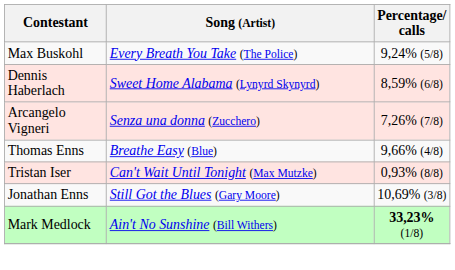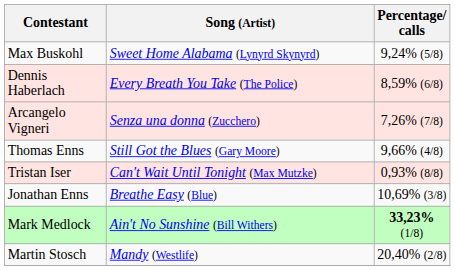 <table class="wikitable">
 <tr>
 <th width="110">Contestant</th>
 <th width="300">Song <small>(Artist)</small></th>
 <th width="28">Percentage/<br>calls</th>
 </tr>
 <tr>
 <td align="left">Max Buskohl</td>
-<td align="left"><em><a href='#'>Every Breath You Take</a></em> <small>(<a href='#'>The Police</a>)</small></td>
+<td align="left"><em><a href='#'>Sweet Home Alabama</a></em> <small>(<a href='#'>Lynyrd Skynyrd</a>)</small></td>
 <td align="center">9,24% <small>(5/8)</small></td>
 </tr>
 <tr bgcolor="#FFE4E1">
 <td align="left">Dennis Haberlach</td>
-<td align="left"><em><a href='#'>Sweet Home Alabama</a></em> <small>(<a href='#'>Lynyrd Skynyrd</a>)</small></td>
+<td align="left"><em><a href='#'>Every Breath You Take</a></em> <small>(<a href='#'>The Police</a>)</small></td>
 <td align="center">8,59% <small>(6/8)</small></td>
 </tr>
 <tr bgcolor="#FFE4E1">
 <td align="left">Arcangelo Vigneri</td>
 <td align="left"><em><a href='#'>Senza una donna</a></em> <small>(<a href='#'>Zucchero</a>)</small></td>
 <td align="center">7,26% <small>(7/8)</small></td>
 </tr>
 <tr>
 <td align="left">Thomas Enns</td>
-<td align="left"><em><a href='#'>Breathe Easy</a></em> <small>(<a href='#'>Blue</a>)</small></td>
+<td align="left"><em><a href='#'>Still Got the Blues</a></em> <small>(<a href='#'>Gary Moore</a>)</small></td>
 <td align="center">9,66% <small>(4/8)</small></td>
 </tr>
 <tr bgcolor="#FFE4E1">
 <td align="left">Tristan Iser</td>
 <td align="left"><em><a href='#'>Can't Wait Until Tonight</a></em> <small>(<a href='#'>Max Mutzke</a>)</small></td>
 <td align="center">0,93% <small>(8/8)</small></td>
 </tr>
 <tr>
 <td align="left">Jonathan Enns</td>
-<td align="left"><em><a href='#'>Still Got the Blues</a></em> <small>(<a href='#'>Gary Moore</a>)</small></td>
+<td align="left"><em><a href='#'>Breathe Easy</a></em> <small>(<a href='#'>Blue</a>)</small></td>
 <td align="center">10,69% <small>(3/8)</small></td>
 </tr>
 <tr bgcolor="#C1FFC1">
 <td align="left">Mark Medlock</td>
 <td align="left"><em><a href='#'>Ain't No Sunshine</a></em> <small>(<a href='#'>Bill Withers</a>)</small></td>
 <td align="center"><strong>33,23%</strong> <small>(1/8)</small></td>
 </tr>
 <tr>
+<td align="left">Martin Stosch</td>
+<td align="left"><em><a href='#'>Mandy</a></em> <small>(<a href='#'>Westlife</a>)</small></td>
+<td align="center">20,40% <small>(2/8)</small></td>
+</tr>
+<tr>
 </tr>
 </table>
